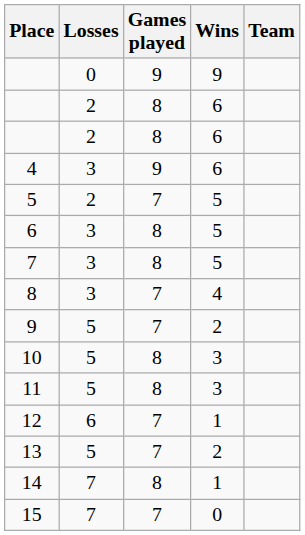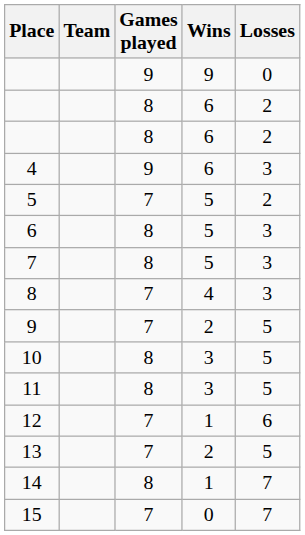 <table class="wikitable" style="text-align:center;">
 <tr>
 <th>Place</th>
-<th>Losses</th>
+<th>Team</th>
 <th>Games<br>played</th>
 <th>Wins</th>
-<th>Team</th>
+<th>Losses</th>
 </tr>
 <tr>
 <td></td>
-<td>0</td>
+<td align=left></td>
 <td>9</td>
 <td>9</td>
-<td align=left></td>
+<td>0</td>
 </tr>
 <tr>
 <td></td>
-<td>2</td>
+<td align=left></td>
 <td>8</td>
 <td>6</td>
-<td align=left></td>
+<td>2</td>
 </tr>
 <tr>
 <td></td>
-<td>2</td>
+<td align=left></td>
 <td>8</td>
 <td>6</td>
-<td align=left></td>
+<td>2</td>
 </tr>
 <tr>
 <td>4</td>
-<td>3</td>
+<td align=left></td>
 <td>9</td>
 <td>6</td>
-<td align=left></td>
+<td>3</td>
 </tr>
 <tr>
 <td>5</td>
-<td>2</td>
+<td align=left></td>
 <td>7</td>
 <td>5</td>
-<td align=left></td>
+<td>2</td>
 </tr>
 <tr>
 <td>6</td>
-<td>3</td>
+<td align=left></td>
 <td>8</td>
 <td>5</td>
-<td align=left></td>
+<td>3</td>
 </tr>
 <tr>
 <td>7</td>
-<td>3</td>
+<td align=left></td>
 <td>8</td>
 <td>5</td>
-<td align=left></td>
+<td>3</td>
 </tr>
 <tr>
 <td>8</td>
-<td>3</td>
+<td align=left></td>
 <td>7</td>
 <td>4</td>
-<td align=left></td>
+<td>3</td>
 </tr>
 <tr>
 <td>9</td>
-<td>5</td>
+<td align=left></td>
 <td>7</td>
 <td>2</td>
-<td align=left></td>
+<td>5</td>
 </tr>
 <tr>
 <td>10</td>
-<td>5</td>
+<td align=left></td>
 <td>8</td>
 <td>3</td>
-<td align=left></td>
+<td>5</td>
 </tr>
 <tr>
 <td>11</td>
-<td>5</td>
+<td align=left></td>
 <td>8</td>
 <td>3</td>
-<td align=left></td>
+<td>5</td>
 </tr>
 <tr>
 <td>12</td>
-<td>6</td>
+<td align=left></td>
 <td>7</td>
 <td>1</td>
-<td align=left></td>
+<td>6</td>
 </tr>
 <tr>
 <td>13</td>
-<td>5</td>
+<td align=left></td>
 <td>7</td>
 <td>2</td>
-<td align=left></td>
+<td>5</td>
 </tr>
 <tr>
 <td>14</td>
-<td>7</td>
+<td align=left></td>
 <td>8</td>
 <td>1</td>
-<td align=left></td>
+<td>7</td>
 </tr>
 <tr>
 <td>15</td>
-<td>7</td>
+<td align=left></td>
 <td>7</td>
 <td>0</td>
-<td align=left></td>
+<td>7</td>
 </tr>
 </table>
